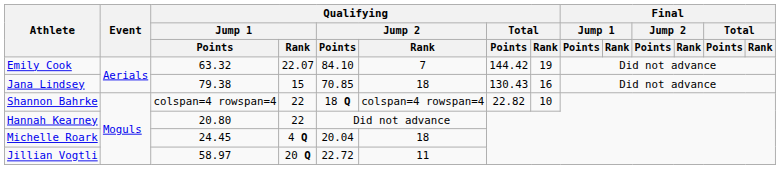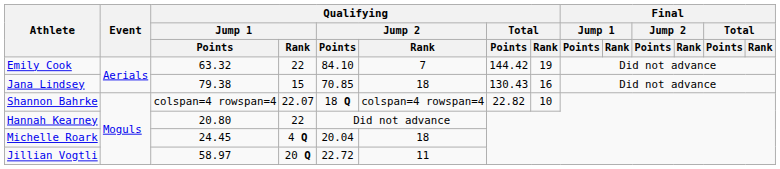 <table class=wikitable style=font-size:90%;text-align:center>
 <tr>
 <th rowspan=3>Athlete</th>
 <th rowspan=3>Event</th>
 <th colspan=6>Qualifying</th>
 <th colspan=6>Final</th>
 </tr>
 <tr style=font-size:95%>
 <th colspan=2>Jump 1</th>
 <th colspan=2>Jump 2</th>
 <th colspan=2>Total</th>
 <th colspan=2>Jump 1</th>
 <th colspan=2>Jump 2</th>
 <th colspan=2>Total</th>
 </tr>
 <tr style=font-size:95%>
 <th>Points</th>
 <th>Rank</th>
 <th>Points</th>
 <th>Rank</th>
 <th>Points</th>
 <th>Rank</th>
 <th>Points</th>
 <th>Rank</th>
 <th>Points</th>
 <th>Rank</th>
 <th>Points</th>
 <th>Rank</th>
 </tr>
 <tr>
 <td align=left><a href='#'>Emily Cook</a></td>
 <td align=left rowspan=2><a href='#'>Aerials</a></td>
 <td>63.32</td>
-<td>22.07</td>
+<td>22</td>
 <td>84.10</td>
 <td>7</td>
 <td>144.42</td>
 <td>19</td>
 <td colspan=6>Did not advance</td>
 </tr>
 <tr>
 <td align=left><a href='#'>Jana Lindsey</a></td>
 <td>79.38</td>
 <td>15</td>
 <td>70.85</td>
 <td>18</td>
 <td>130.43</td>
 <td>16</td>
 <td colspan=6>Did not advance</td>
 </tr>
 <tr>
 <td align=left><a href='#'>Shannon Bahrke</a></td>
 <td align=left rowspan=4><a href='#'>Moguls</a></td>
 <td>colspan=4 rowspan=4 </td>
-<td>22</td>
+<td>22.07</td>
 <td>18 <strong>Q</strong></td>
 <td>colspan=4 rowspan=4 </td>
 <td>22.82</td>
 <td>10</td>
 </tr>
 <tr>
 <td align=left><a href='#'>Hannah Kearney</a></td>
 <td>20.80</td>
 <td>22</td>
 <td colspan=2>Did not advance</td>
 </tr>
 <tr>
 <td align=left><a href='#'>Michelle Roark</a></td>
 <td>24.45</td>
 <td>4 <strong>Q</strong></td>
 <td>20.04</td>
 <td>18</td>
 </tr>
 <tr>
 <td align=left><a href='#'>Jillian Vogtli</a></td>
 <td>58.97</td>
 <td>20 <strong>Q</strong></td>
 <td>22.72</td>
 <td>11</td>
 </tr>
 </table>
